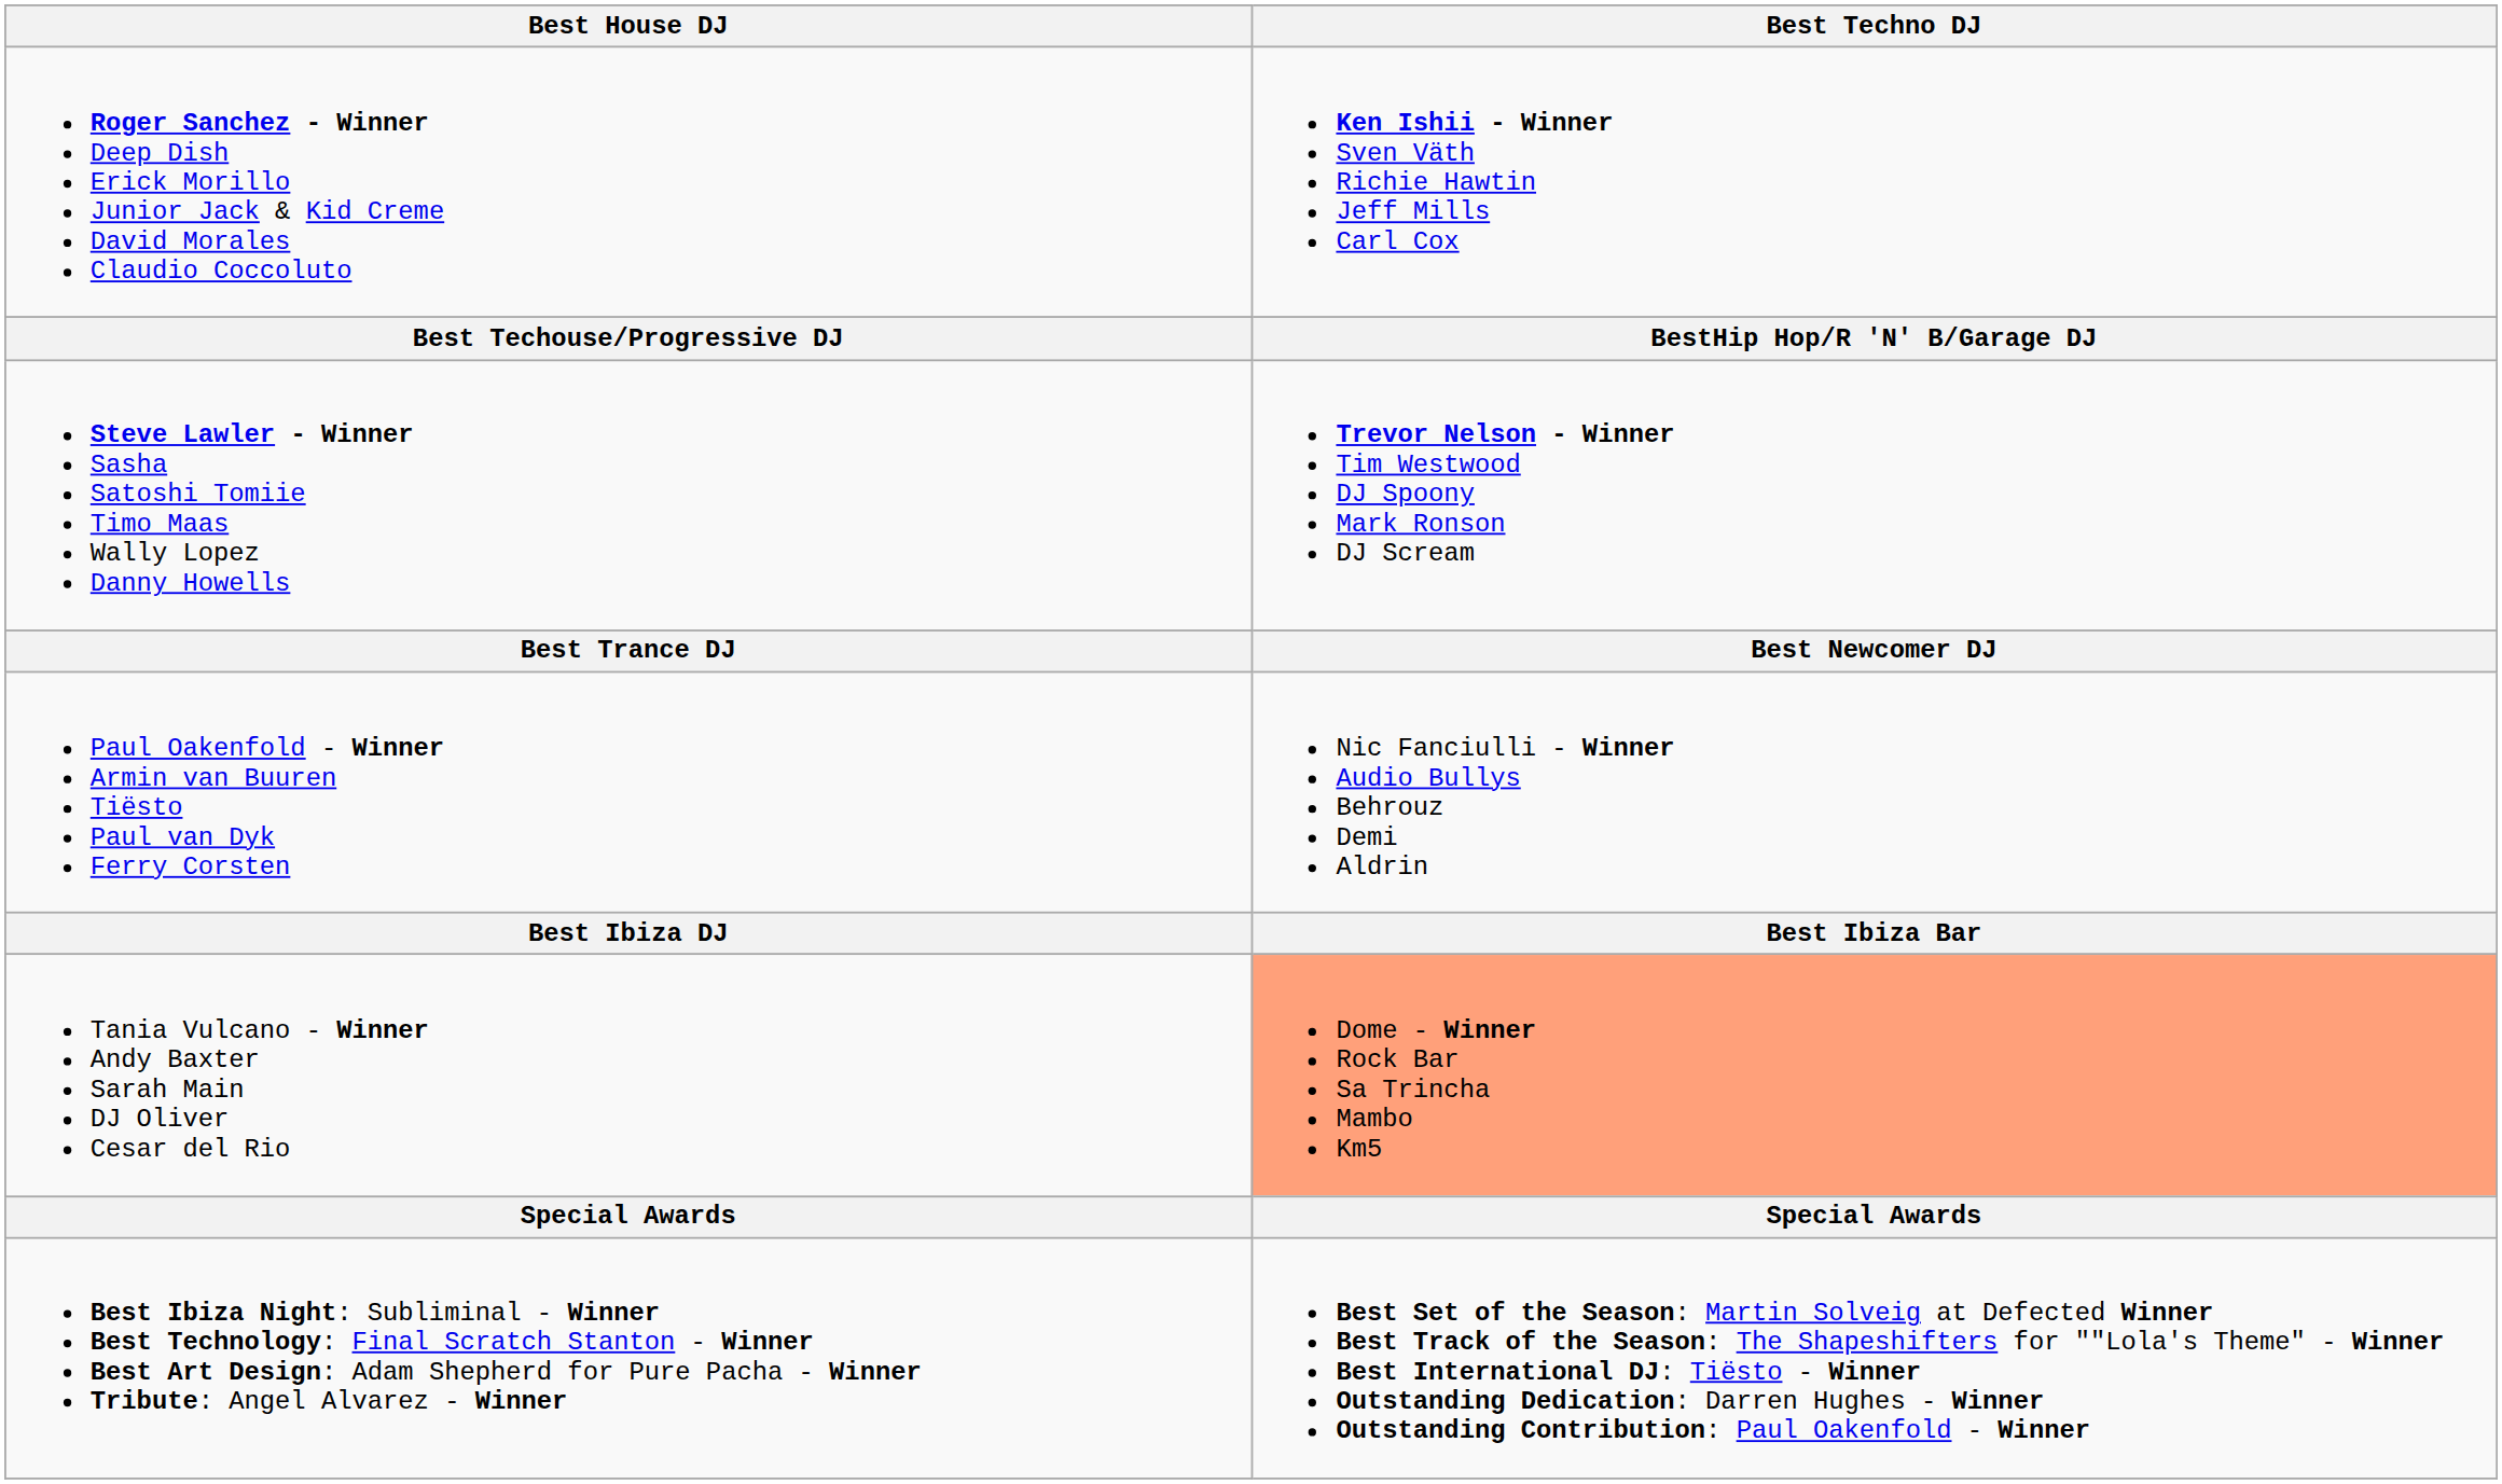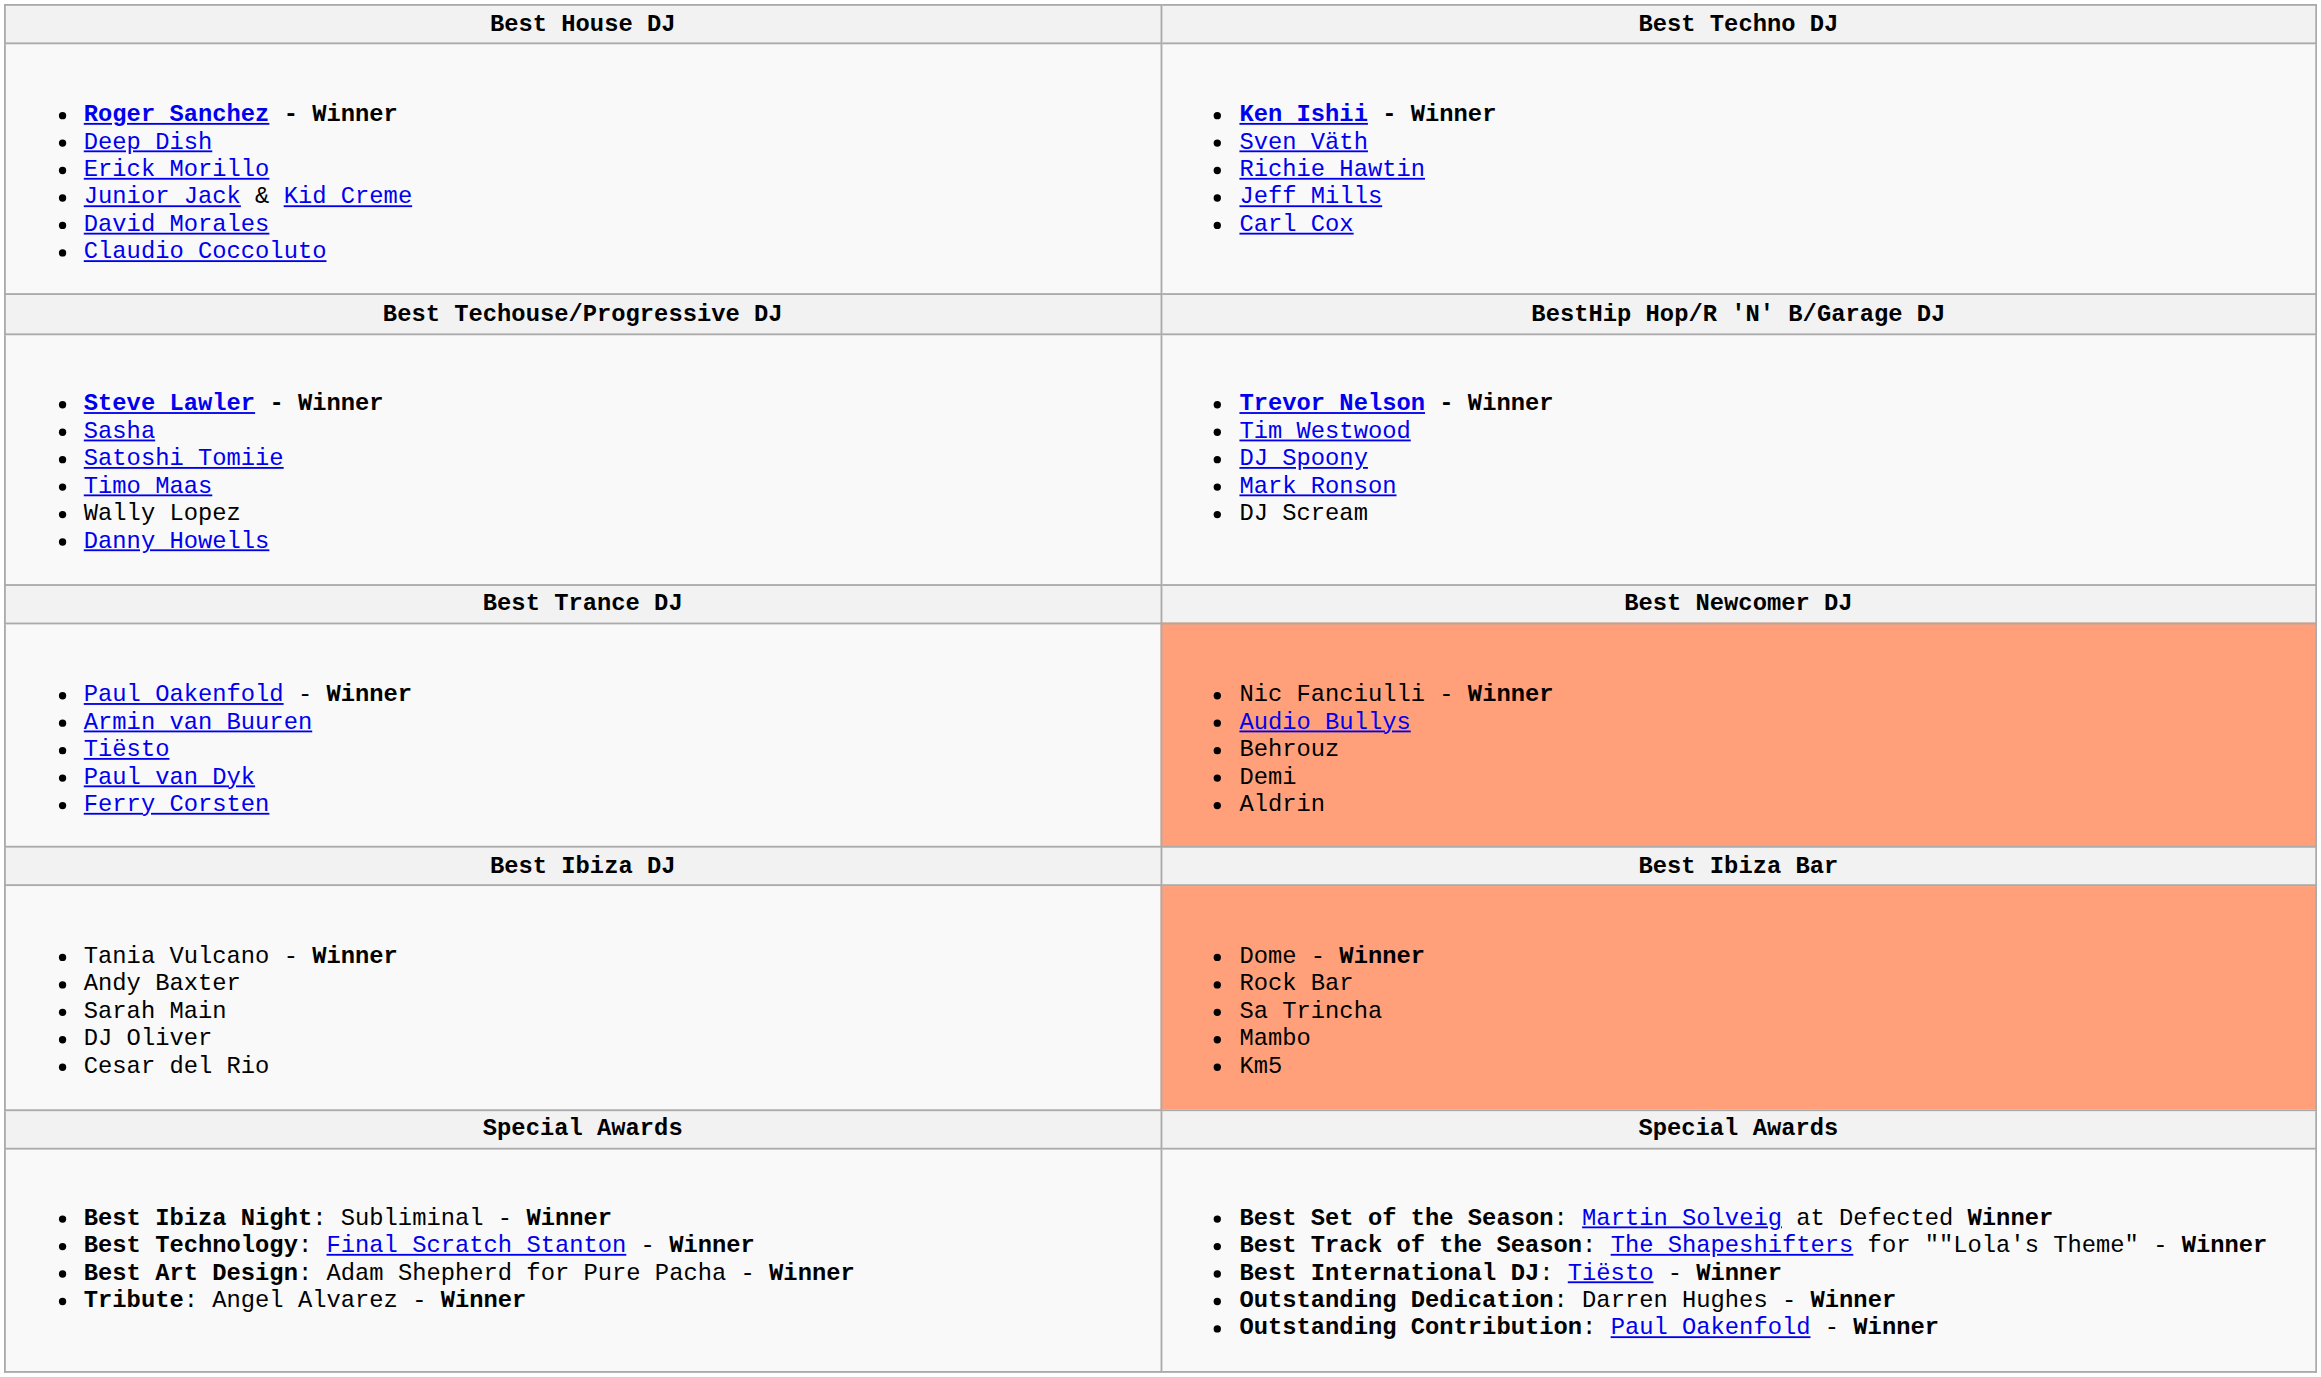 <table class=wikitable width="100%">
 <tr>
 <th width="50%"><strong>Best House DJ</strong></th>
 <th width="50%"><strong>Best Techno DJ</strong></th>
 </tr>
 <tr>
 <td valign="top"><br><ul><li><strong> <a href='#'>Roger Sanchez</a> - Winner</strong></li><li><a href='#'>Deep Dish</a></li><li><a href='#'>Erick Morillo</a></li><li><a href='#'>Junior Jack</a> & <a href='#'>Kid Creme</a></li><li><a href='#'>David Morales</a></li><li><a href='#'>Claudio Coccoluto</a></li></ul></td>
 <td valign="top"><br><ul><li><strong> <a href='#'>Ken Ishii</a> - Winner</strong></li><li><a href='#'>Sven Väth</a></li><li><a href='#'>Richie Hawtin</a></li><li><a href='#'>Jeff Mills</a></li><li><a href='#'>Carl Cox</a></li></ul></td>
 </tr>
 <tr>
 <th width="50%"><strong>Best Techouse/Progressive DJ</strong></th>
 <th width="50%"><strong>BestHip Hop/R 'N' B/Garage DJ</strong></th>
 </tr>
 <tr>
 <td valign="top"><br><ul><li><strong> <a href='#'>Steve Lawler</a> - Winner</strong></li><li><a href='#'>Sasha</a></li><li><a href='#'>Satoshi Tomiie</a></li><li><a href='#'>Timo Maas</a></li><li>Wally Lopez</li><li><a href='#'>Danny Howells</a></li></ul></td>
 <td valign="top"><br><ul><li><strong> <a href='#'>Trevor Nelson</a> - Winner</strong></li><li><a href='#'>Tim Westwood</a></li><li><a href='#'>DJ Spoony</a></li><li><a href='#'>Mark Ronson</a></li><li>DJ Scream</li></ul></td>
 </tr>
 <tr>
 <th width="50%"><strong>Best Trance DJ</strong></th>
 <th width="50%"><strong>Best Newcomer DJ</strong></th>
 </tr>
 <tr>
 <td valign="top"><br><ul><li> <a href='#'>Paul Oakenfold</a> - <strong>Winner</strong></li><li><a href='#'>Armin van Buuren</a></li><li><a href='#'>Tiësto</a></li><li><a href='#'>Paul van Dyk</a></li><li><a href='#'>Ferry Corsten</a></li></ul></td>
-<td valign="top"><br><ul><li> Nic Fanciulli - <strong>Winner</strong></li><li><a href='#'>Audio Bullys</a></li><li>Behrouz</li><li>Demi</li><li>Aldrin</li></ul></td>
+<td valign="top" style="background: lightsalmon;"><br><ul><li> Nic Fanciulli - <strong>Winner</strong></li><li><a href='#'>Audio Bullys</a></li><li>Behrouz</li><li>Demi</li><li>Aldrin</li></ul></td>
 </tr>
 <tr>
 <th width="50%"><strong>Best Ibiza DJ</strong></th>
 <th width="50%"><strong>Best Ibiza Bar</strong></th>
 </tr>
 <tr>
 <td valign="top"><br><ul><li> Tania Vulcano - <strong>Winner</strong></li><li>Andy Baxter</li><li>Sarah Main</li><li>DJ Oliver</li><li>Cesar del Rio</li></ul></td>
 <td valign="top" style="background: lightsalmon;"><br><ul><li> Dome - <strong>Winner</strong></li><li>Rock Bar</li><li>Sa Trincha</li><li>Mambo</li><li>Km5</li></ul></td>
 </tr>
 <tr>
 <th width="50%"><strong>Special Awards</strong></th>
 <th width="50%"><strong>Special Awards</strong></th>
 </tr>
 <tr>
 <td valign="top"><br><ul><li><strong>Best Ibiza Night</strong>:  Subliminal - <strong>Winner</strong></li><li><strong>Best Technology</strong>:  <a href='#'>Final Scratch Stanton</a> - <strong>Winner</strong></li><li><strong>Best Art Design</strong>:  Adam Shepherd for Pure Pacha - <strong>Winner</strong></li><li><strong>Tribute</strong>:  Angel Alvarez - <strong>Winner</strong></li></ul></td>
 <td valign="top"><br><ul><li><strong>Best Set of the Season</strong>: <a href='#'>Martin Solveig</a> at Defected <strong>Winner</strong></li><li><strong>Best Track of the Season</strong>:  <a href='#'>The Shapeshifters</a> for ""Lola's Theme" - <strong>Winner</strong></li><li><strong>Best International DJ</strong>:  <a href='#'>Tiësto</a> - <strong>Winner</strong></li><li><strong>Outstanding Dedication</strong>:  Darren Hughes - <strong>Winner</strong></li><li><strong>Outstanding Contribution</strong>:  <a href='#'>Paul Oakenfold</a> - <strong>Winner</strong></li></ul></td>
 </tr>
 </table>
